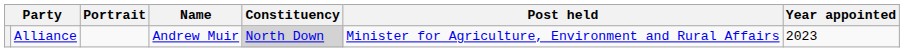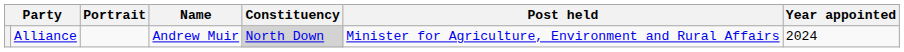 <table class="wikitable sortable">
 <tr>
 <th colspan="2">Party</th>
 <th class="unsortable">Portrait</th>
 <th class="unsortable">Name</th>
 <th class="unsortable">Constituency</th>
 <th class="unsortable">Post held</th>
 <th class="unsortable">Year appointed</th>
 </tr>
 <tr>
 <th style="background-color: "></th>
 <td><a href='#'>Alliance</a></td>
 <td></td>
 <td><a href='#'>Andrew Muir</a></td>
 <td style="background: lightgrey;"><a href='#'>North Down</a></td>
 <td><a href='#'>Minister for Agriculture, Environment and Rural Affairs</a></td>
-<td>2023</td>
+<td>2024</td>
 </tr>
 </table>
